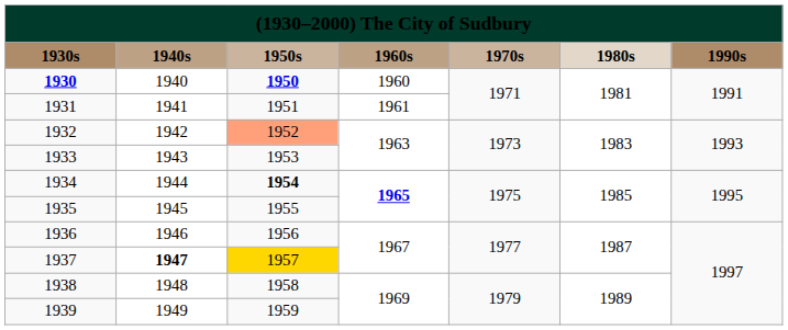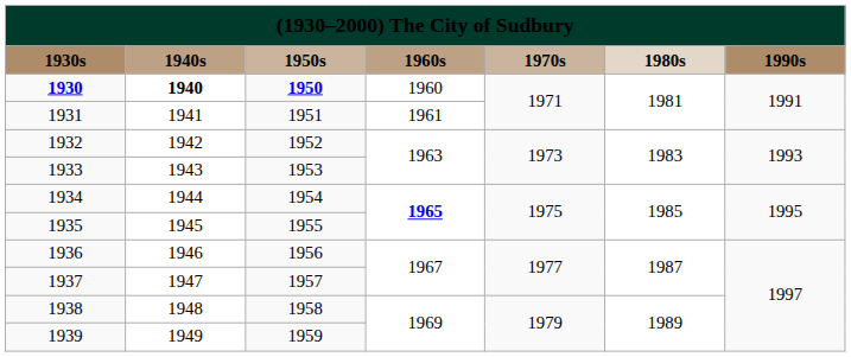 <table class="wikitable" border"1" width="770">
 <tr>
 <td style= "text-align:center; height: 30px;" colspan="7" bgcolor= 003A2A><span><big><strong>(1930–2000)  The City of Sudbury</strong></big></span></td>
 </tr>
 <tr>
 <td style= "text-align:center;" bgcolor= AE8C6A><strong>1930s</strong></td>
 <td style= "text-align:center;" bgcolor= BDA185><strong>1940s</strong></td>
 <td style= "text-align:center;" bgcolor= CAB49E><strong>1950s</strong></td>
 <td style= "text-align:center;" bgcolor= BDA185><strong>1960s</strong></td>
 <td style= "text-align:center;" bgcolor= CAB49E><strong>1970s</strong></td>
 <td style= "text-align:center;" bgcolor= E3D7CA><strong>1980s</strong></td>
 <td style= "text-align:center;" bgcolor= AE8C6A><strong>1990s</strong></td>
 </tr>
 <tr>
 <td style="text-align:center;"><strong><a href='#'>1930</a></strong></td>
-<td style="text-align:center;"             bgcolor= white>1940</td>
+<td style="text-align:center;"             bgcolor= white><strong>1940</strong></td>
 <td style="text-align:center;"><strong><a href='#'>1950</a></strong></td>
 <td style="text-align:center;"             bgcolor= white>1960</td>
 <td style="text-align:center;"             rowspan="2">1971</td>
 <td style="text-align:center;" rowspan="2" bgcolor= white>1981</td>
 <td style="text-align:center;"             rowspan="2">1991</td>
 </tr>
 <tr>
 <td style="text-align:center;">1931</td>
 <td style="text-align:center;" bgcolor= white>1941</td>
 <td style="text-align:center;">1951</td>
 <td style="text-align:center;" bgcolor= white>1961</td>
 </tr>
 <tr>
 <td style="text-align:center;">1932</td>
 <td style="text-align:center;" bgcolor= white>1942</td>
-<td style="background: lightsalmon; text-align:center;">1952</td>
+<td style="text-align:center;">1952</td>
 <td style="text-align:center;" rowspan="2" bgcolor= white>1963</td>
 <td style="text-align:center;" rowspan="2">1973</td>
 <td style="text-align:center;" rowspan="2" bgcolor= white>1983</td>
 <td style="text-align:center;"  rowspan="2">1993</td>
 </tr>
 <tr>
 <td style="text-align:center;">1933</td>
 <td style="text-align:center;" bgcolor= white>1943</td>
 <td style="text-align:center;">1953</td>
 </tr>
 <tr>
 <td style="text-align:center;">1934</td>
 <td style="text-align:center;" bgcolor= white>1944</td>
-<td style="text-align:center;"><strong>1954</strong></td>
+<td style="text-align:center;">1954</td>
 <td style="text-align:center;" rowspan="2" bgcolor= white><strong><a href='#'>1965</a></strong></td>
 <td style="text-align:center;" rowspan="2">1975</td>
 <td style="text-align:center;" rowspan="2" bgcolor= white>1985</td>
 <td style="text-align:center;" rowspan="2">1995</td>
 </tr>
 <tr>
 <td style="text-align:center;">1935</td>
 <td style="text-align:center;"             bgcolor= white>1945</td>
 <td style="text-align:center;">1955</td>
 </tr>
 <tr>
 <td style="text-align:center;">1936</td>
 <td style="text-align:center;"             bgcolor= white>1946</td>
 <td style="text-align:center;">1956</td>
 <td style="text-align:center;" rowspan="2" bgcolor= white>1967</td>
 <td style="text-align:center;"             rowspan="2">1977</td>
 <td style="text-align:center;" rowspan="2" bgcolor= white>1987</td>
 <td style="text-align:center;" rowspan="4">1997</td>
 </tr>
 <tr>
 <td style="text-align:center;">1937</td>
-<td style="text-align:center;" bgcolor= white><strong>1947</strong></td>
-<td style="background: gold; text-align:center;">1957</td>
+<td style="text-align:center;" bgcolor= white>1947</td>
+<td style="text-align:center;">1957</td>
 </tr>
 <tr>
 <td style="text-align:center;">1938</td>
 <td style="text-align:center;"             bgcolor= white>1948</td>
 <td style="text-align:center;">1958</td>
 <td style="text-align:center;" rowspan="2" bgcolor= white>1969</td>
 <td style="text-align:center;" rowspan="2">1979</td>
 <td style="text-align:center;" rowspan="2" bgcolor= white>1989</td>
 </tr>
 <tr>
 <td style="text-align:center;">1939</td>
 <td style="text-align:center;" bgcolor= white>1949</td>
 <td style="text-align:center;">1959</td>
 </tr>
 </table>
